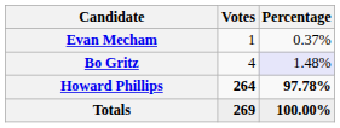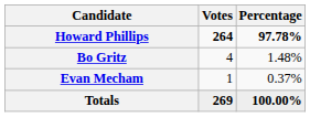 <table class="wikitable plainrowheaders" style="text-align:right;" border="1">
 <tr>
 <th scope="col" style="width:14em;">Candidate</th>
 <th scope="col">Votes</th>
 <th scope="col">Percentage</th>
 </tr>
 <tr>
-<th scope="row"><a href='#'>Evan Mecham</a></th>
-<td>1</td>
-<td>0.37%</td>
+<th scope="row"><a href='#'>Howard Phillips</a></th>
+<td><strong>264</strong></td>
+<td><strong>97.78%</strong></td>
 </tr>
 <tr>
 <th scope="row"><a href='#'>Bo Gritz</a></th>
 <td>4</td>
-<td style="background: lavender;">1.48%</td>
+<td>1.48%</td>
 </tr>
 <tr>
-<th scope="row"><a href='#'>Howard Phillips</a></th>
-<td><strong>264</strong></td>
-<td><strong>97.78%</strong></td>
+<th scope="row"><a href='#'>Evan Mecham</a></th>
+<td>1</td>
+<td>0.37%</td>
 </tr>
 <tr style="background:#eee;">
 <th scope="row"><strong>Totals</strong></th>
 <td><strong>269</strong></td>
 <td><strong>100.00%</strong></td>
 </tr>
 </table>
